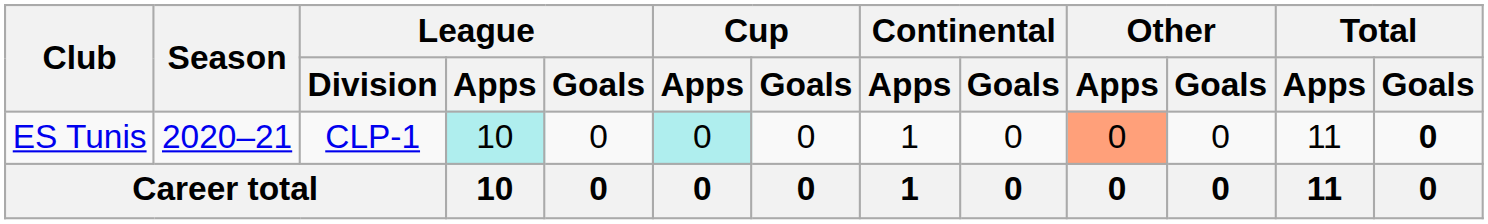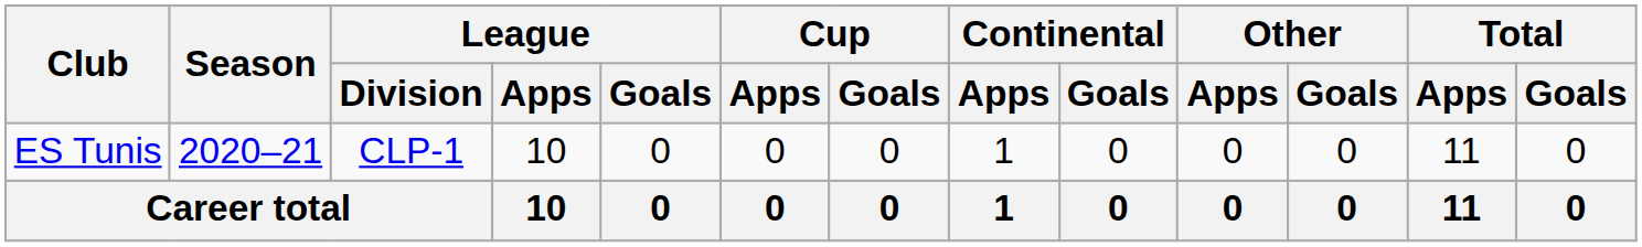 <table class="wikitable" style="text-align: center">
 <tr>
 <th rowspan="2">Club</th>
 <th rowspan="2">Season</th>
 <th colspan="3">League</th>
 <th colspan="2">Cup</th>
 <th colspan="2">Continental</th>
 <th colspan="2">Other</th>
 <th colspan="2">Total</th>
 </tr>
 <tr>
 <th>Division</th>
 <th>Apps</th>
 <th>Goals</th>
 <th>Apps</th>
 <th>Goals</th>
 <th>Apps</th>
 <th>Goals</th>
 <th>Apps</th>
 <th>Goals</th>
 <th>Apps</th>
 <th>Goals</th>
 </tr>
 <tr>
 <td><a href='#'>ES Tunis</a></td>
 <td><a href='#'>2020–21</a></td>
 <td><a href='#'>CLP-1</a></td>
-<td style="background: paleturquoise;">10</td>
+<td>10</td>
 <td>0</td>
-<td style="background: paleturquoise;">0</td>
+<td>0</td>
 <td>0</td>
 <td>1</td>
 <td>0</td>
-<td style="background: lightsalmon;">0</td>
+<td>0</td>
 <td>0</td>
 <td>11</td>
-<td><strong>0</strong></td>
+<td>0</td>
 </tr>
 <tr>
 <th colspan="3"><strong>Career total</strong></th>
 <th>10</th>
 <th>0</th>
 <th>0</th>
 <th>0</th>
 <th>1</th>
 <th>0</th>
 <th>0</th>
 <th>0</th>
 <th>11</th>
 <th>0</th>
 </tr>
 </table>
